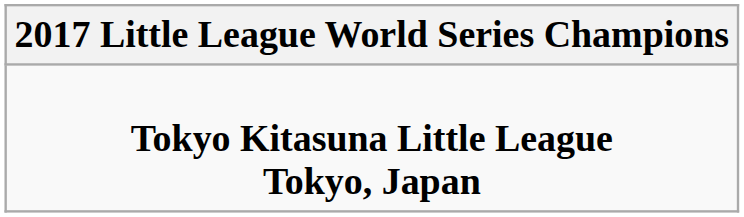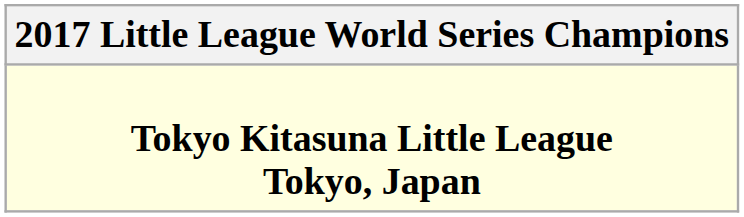 <table class="wikitable" style="text-align: center; margin: 0 auto;">
 <tr>
 <th>2017 Little League World Series Champions</th>
 </tr>
 <tr>
-<td><br><strong>Tokyo Kitasuna Little League</strong><br><strong>Tokyo, Japan</strong></td>
+<td style="background: lightyellow;"><br><strong>Tokyo Kitasuna Little League</strong><br><strong>Tokyo, Japan</strong></td>
 </tr>
 </table>
